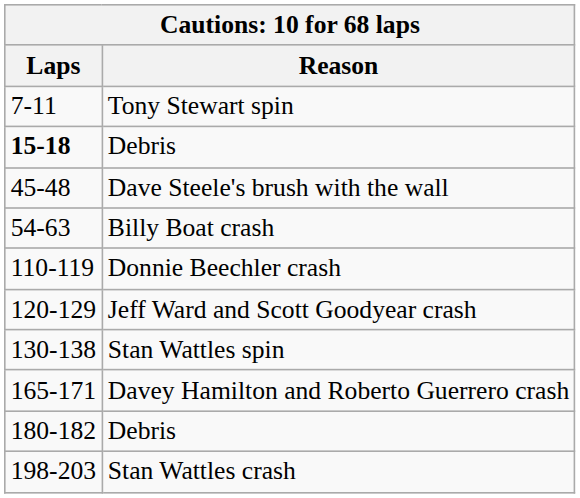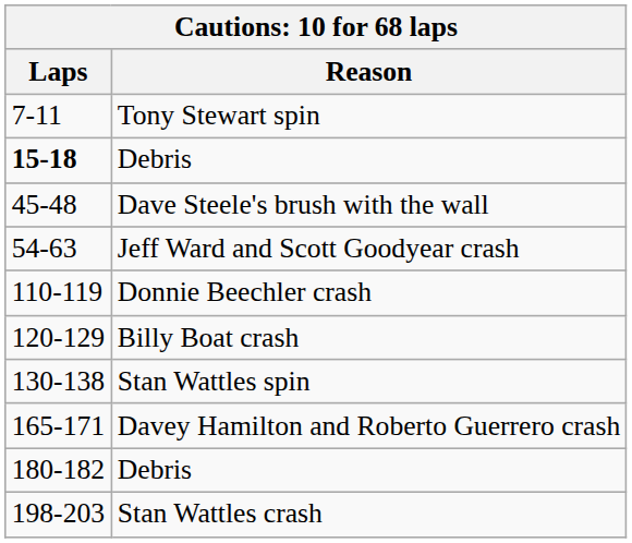 <table class="wikitable">
 <tr>
 <th colspan=2>Cautions: 10 for 68 laps</th>
 </tr>
 <tr>
 <th>Laps</th>
 <th>Reason</th>
 </tr>
 <tr>
 <td>7-11</td>
 <td>Tony Stewart spin</td>
 </tr>
 <tr>
 <td><strong>15-18</strong></td>
 <td>Debris</td>
 </tr>
 <tr>
 <td>45-48</td>
 <td>Dave Steele's brush with the wall</td>
 </tr>
 <tr>
 <td>54-63</td>
-<td>Billy Boat crash</td>
+<td>Jeff Ward and Scott Goodyear crash</td>
 </tr>
 <tr>
 <td>110-119</td>
 <td>Donnie Beechler crash</td>
 </tr>
 <tr>
 <td>120-129</td>
-<td>Jeff Ward and Scott Goodyear crash</td>
+<td>Billy Boat crash</td>
 </tr>
 <tr>
 <td>130-138</td>
 <td>Stan Wattles spin</td>
 </tr>
 <tr>
 <td>165-171</td>
 <td>Davey Hamilton and Roberto Guerrero crash</td>
 </tr>
 <tr>
 <td>180-182</td>
 <td>Debris</td>
 </tr>
 <tr>
 <td>198-203</td>
 <td>Stan Wattles crash</td>
 </tr>
 </table>
